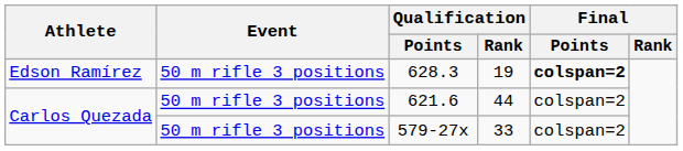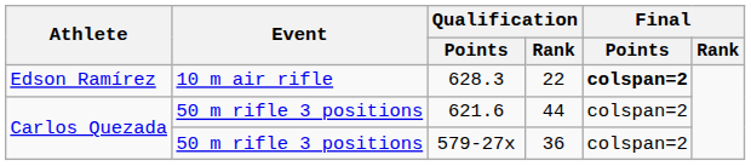 <table class=wikitable style=font-size:90%;text-align:center>
 <tr>
 <th rowspan=2>Athlete</th>
 <th rowspan=2>Event</th>
 <th colspan=2>Qualification</th>
 <th colspan=2>Final</th>
 </tr>
 <tr style=font-size:95%>
 <th>Points</th>
 <th>Rank</th>
 <th>Points</th>
 <th>Rank</th>
 </tr>
 <tr>
 <td align=left><a href='#'>Edson Ramírez</a></td>
-<td align=left><a href='#'>50 m rifle 3 positions</a></td>
+<td align=left><a href='#'>10 m air rifle</a></td>
 <td>628.3</td>
-<td>19</td>
+<td>22</td>
 <td><strong>colspan=2</strong></td>
 </tr>
 <tr>
 <td align=left rowspan=2><a href='#'>Carlos Quezada</a></td>
 <td align=left><a href='#'>50 m rifle 3 positions</a></td>
 <td>621.6</td>
 <td>44</td>
 <td>colspan=2</td>
 </tr>
 <tr>
 <td align=left><a href='#'>50 m rifle 3 positions</a></td>
 <td>579-27x</td>
-<td>33</td>
+<td>36</td>
 <td>colspan=2</td>
 </tr>
 </table>
